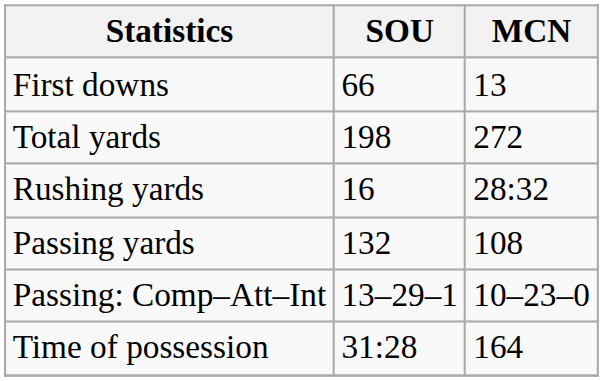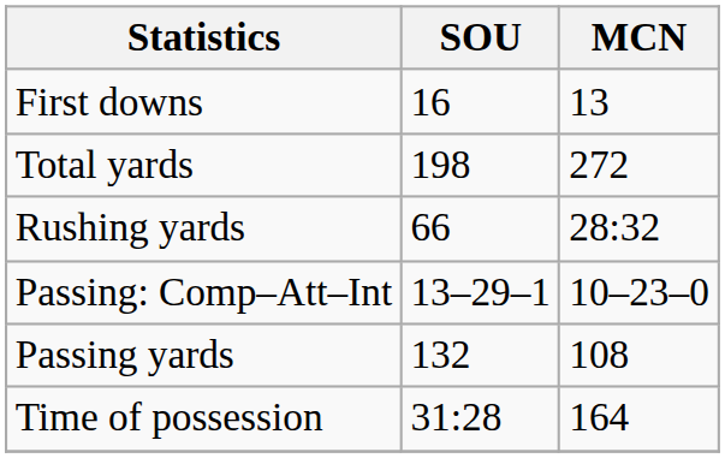 <table class="wikitable" style="float: left;">
 <tr>
 <th>Statistics</th>
 <th>SOU</th>
 <th>MCN</th>
 </tr>
 <tr>
 <td>First downs</td>
-<td>66</td>
+<td>16</td>
 <td>13</td>
 </tr>
 <tr>
 <td>Total yards</td>
 <td>198</td>
 <td>272</td>
 </tr>
 <tr>
 <td>Rushing yards</td>
-<td>16</td>
+<td>66</td>
 <td>28:32</td>
+</tr>
+<tr>
+<td>Passing: Comp–Att–Int</td>
+<td>13–29–1</td>
+<td>10–23–0</td>
 </tr>
 <tr>
 <td>Passing yards</td>
 <td>132</td>
 <td>108</td>
-</tr>
-<tr>
-<td>Passing: Comp–Att–Int</td>
-<td>13–29–1</td>
-<td>10–23–0</td>
 </tr>
 <tr>
 <td>Time of possession</td>
 <td>31:28</td>
 <td>164</td>
 </tr>
 <tr>
 </tr>
 </table>
